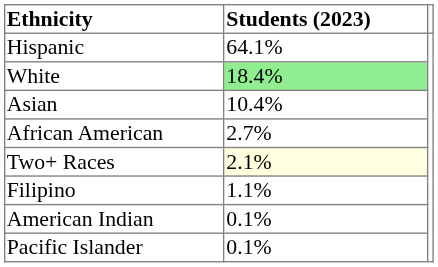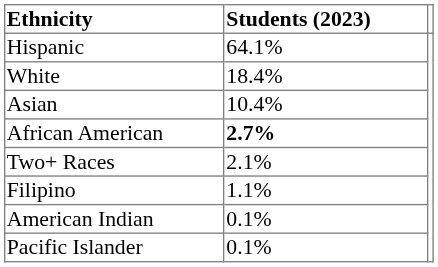 <table border = "1" style = "text-align: left; border-collapse: collapse; width:25%">
 <tr>
 <th>Ethnicity</th>
 <th>Students (2023)</th>
 <th></th>
 </tr>
 <tr>
 <td>Hispanic</td>
 <td>64.1%</td>
 </tr>
 <tr>
 <td>White</td>
-<td style="background: lightgreen;">18.4%</td>
+<td>18.4%</td>
 </tr>
 <tr>
 <td>Asian</td>
 <td>10.4%</td>
 </tr>
 <tr>
 <td>African American</td>
-<td>2.7%</td>
+<td><strong>2.7%</strong></td>
 </tr>
 <tr>
 <td>Two+ Races</td>
-<td style="background: lightyellow;">2.1%</td>
+<td>2.1%</td>
 </tr>
 <tr>
 <td>Filipino</td>
 <td>1.1%</td>
 </tr>
 <tr>
 <td>American Indian</td>
 <td>0.1%</td>
 </tr>
 <tr>
 <td>Pacific Islander</td>
 <td>0.1%</td>
 </tr>
 </table>
